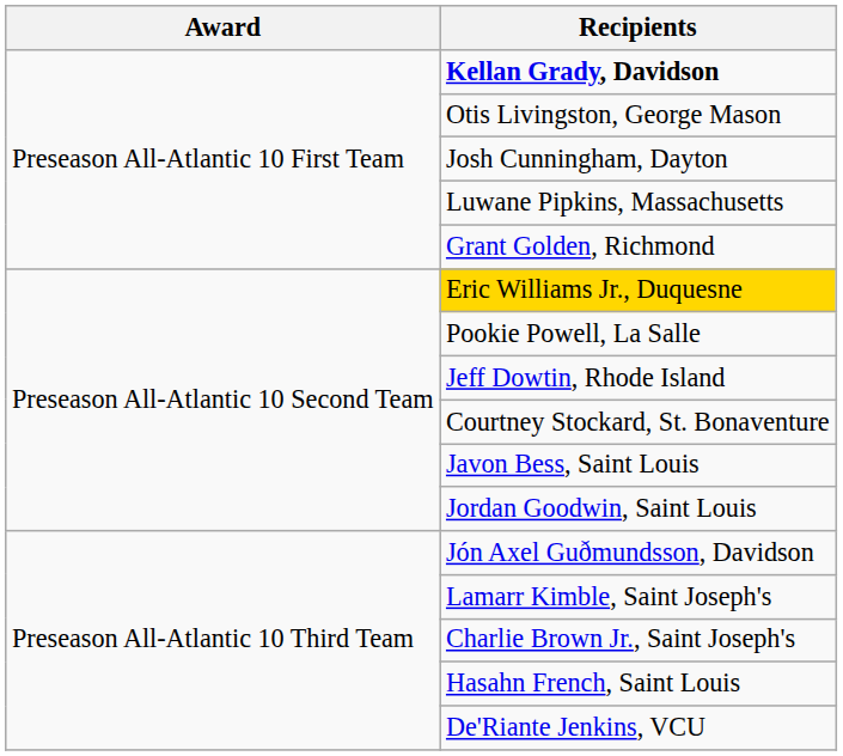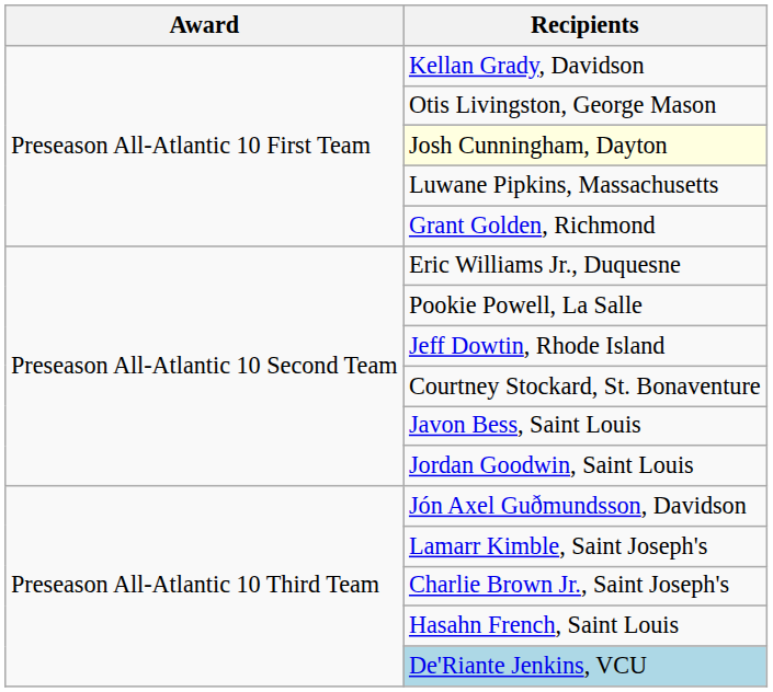 <table class="wikitable" style="white-space:nowrap; font-size:90%;">
 <tr>
 <th>Award</th>
 <th>Recipients</th>
 </tr>
 <tr>
 <td rowspan=5 valign=middle>Preseason All-Atlantic 10 First Team</td>
-<td><strong><a href='#'>Kellan Grady</a>, Davidson</strong></td>
+<td><a href='#'>Kellan Grady</a>, Davidson</td>
 </tr>
 <tr>
 <td>Otis Livingston, George Mason</td>
 </tr>
 <tr>
-<td>Josh Cunningham, Dayton</td>
+<td style="background: lightyellow;">Josh Cunningham, Dayton</td>
 </tr>
 <tr>
 <td>Luwane Pipkins, Massachusetts</td>
 </tr>
 <tr>
 <td><a href='#'>Grant Golden</a>, Richmond</td>
 </tr>
 <tr>
 <td rowspan=6 valign=middle>Preseason All-Atlantic 10 Second Team</td>
-<td style="background: gold;">Eric Williams Jr., Duquesne</td>
+<td>Eric Williams Jr., Duquesne</td>
 </tr>
 <tr>
 <td>Pookie Powell, La Salle</td>
 </tr>
 <tr>
 <td><a href='#'>Jeff Dowtin</a>, Rhode Island</td>
 </tr>
 <tr>
 <td>Courtney Stockard, St. Bonaventure</td>
 </tr>
 <tr>
 <td><a href='#'>Javon Bess</a>, Saint Louis</td>
 </tr>
 <tr>
 <td><a href='#'>Jordan Goodwin</a>, Saint Louis</td>
 </tr>
 <tr>
 <td rowspan=5 valign=middle>Preseason All-Atlantic 10 Third Team</td>
 <td><a href='#'>Jón Axel Guðmundsson</a>, Davidson</td>
 </tr>
 <tr>
 <td><a href='#'>Lamarr Kimble</a>, Saint Joseph's</td>
 </tr>
 <tr>
 <td><a href='#'>Charlie Brown Jr.</a>, Saint Joseph's</td>
 </tr>
 <tr>
 <td><a href='#'>Hasahn French</a>, Saint Louis</td>
 </tr>
 <tr>
-<td><a href='#'>De'Riante Jenkins</a>, VCU</td>
+<td style="background: lightblue;"><a href='#'>De'Riante Jenkins</a>, VCU</td>
 </tr>
 </table>
